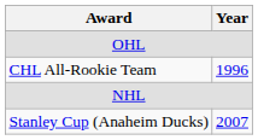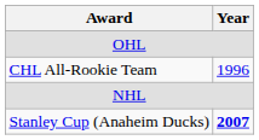 <table class="wikitable">
 <tr>
 <th>Award</th>
 <th>Year</th>
 </tr>
 <tr ALIGN="center" bgcolor="#e0e0e0">
 <td colspan="3"><a href='#'>OHL</a></td>
 </tr>
 <tr>
 <td><a href='#'>CHL</a> All-Rookie Team</td>
 <td><a href='#'>1996</a></td>
 </tr>
 <tr ALIGN="center" bgcolor="#e0e0e0">
 <td colspan="3"><a href='#'>NHL</a></td>
 </tr>
 <tr>
 <td><a href='#'>Stanley Cup</a> (Anaheim Ducks)</td>
-<td><a href='#'>2007</a></td>
+<td><strong><a href='#'>2007</a></strong></td>
 </tr>
 </table>
